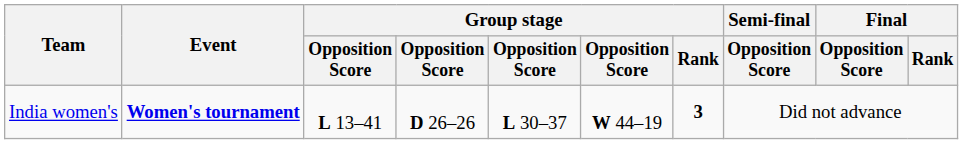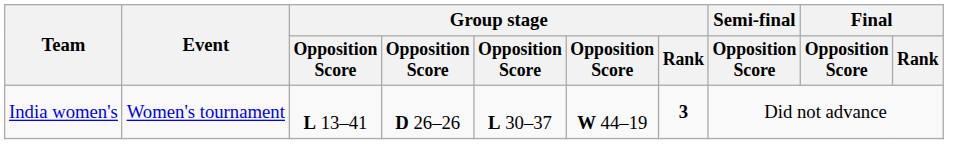 <table class=wikitable style=font-size:90%;text-align:center>
 <tr>
 <th rowspan=2>Team</th>
 <th rowspan=2>Event</th>
 <th colspan=5>Group stage</th>
 <th>Semi-final</th>
 <th colspan=2>Final</th>
 </tr>
 <tr style=font-size:95%>
 <th>Opposition<br>Score</th>
 <th>Opposition<br>Score</th>
 <th>Opposition<br>Score</th>
 <th>Opposition<br>Score</th>
 <th>Rank</th>
 <th>Opposition<br>Score</th>
 <th>Opposition<br>Score</th>
 <th>Rank</th>
 </tr>
 <tr>
 <td align=left><a href='#'>India women's</a></td>
-<td align=left><strong><a href='#'>Women's tournament</a></strong></td>
+<td align=left><a href='#'>Women's tournament</a></td>
 <td><br><strong>L</strong> 13–41</td>
 <td><br><strong>D</strong> 26–26</td>
 <td><br><strong>L</strong> 30–37</td>
 <td><br><strong>W</strong> 44–19</td>
 <td><strong>3</strong></td>
 <td colspan="3">Did not advance</td>
 </tr>
 </table>
